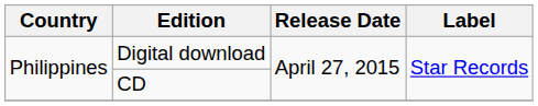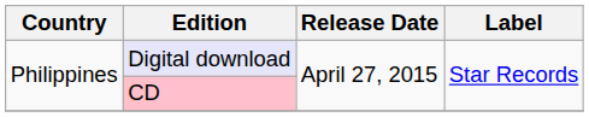 <table class="wikitable">
 <tr>
 <th>Country</th>
 <th>Edition</th>
 <th>Release Date</th>
 <th>Label</th>
 </tr>
 <tr>
 <td rowspan="2">Philippines</td>
-<td>Digital download</td>
+<td style="background: lavender;">Digital download</td>
 <td rowspan="2">April 27, 2015</td>
 <td rowspan="2"><a href='#'>Star Records</a></td>
 </tr>
 <tr>
-<td>CD</td>
+<td style="background: pink;">CD</td>
 </tr>
 <tr>
 </tr>
 </table>
